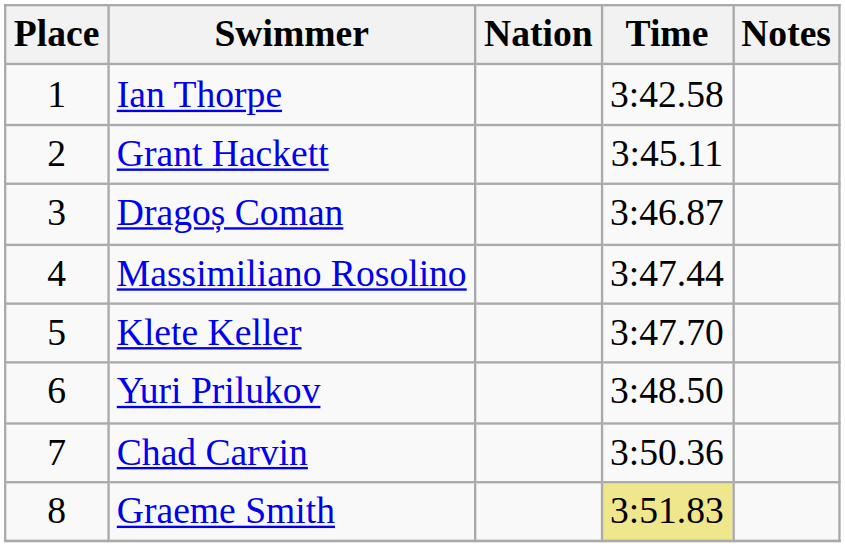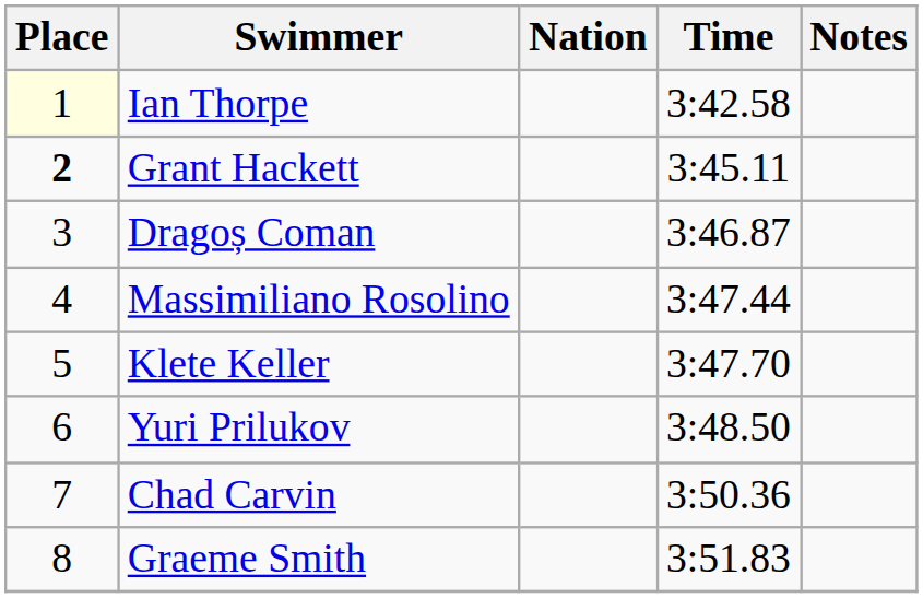 <table class="wikitable sortable" style="text-align:center">
 <tr>
 <th>Place</th>
 <th>Swimmer</th>
 <th>Nation</th>
 <th>Time</th>
 <th>Notes</th>
 </tr>
 <tr>
-<td>1</td>
+<td style="background: lightyellow;">1</td>
 <td align=left><a href='#'>Ian Thorpe</a></td>
 <td align=left></td>
 <td>3:42.58</td>
 <td></td>
 </tr>
 <tr>
-<td>2</td>
+<td><strong>2</strong></td>
 <td align=left><a href='#'>Grant Hackett</a></td>
 <td align=left></td>
 <td>3:45.11</td>
 <td></td>
 </tr>
 <tr>
 <td>3</td>
 <td align=left><a href='#'>Dragoș Coman</a></td>
 <td align=left></td>
 <td>3:46.87</td>
 <td></td>
 </tr>
 <tr>
 <td>4</td>
 <td align=left><a href='#'>Massimiliano Rosolino</a></td>
 <td align=left></td>
 <td>3:47.44</td>
 <td></td>
 </tr>
 <tr>
 <td>5</td>
 <td align=left><a href='#'>Klete Keller</a></td>
 <td align=left></td>
 <td>3:47.70</td>
 <td></td>
 </tr>
 <tr>
 <td>6</td>
 <td align=left><a href='#'>Yuri Prilukov</a></td>
 <td align=left></td>
 <td>3:48.50</td>
 <td></td>
 </tr>
 <tr>
 <td>7</td>
 <td align=left><a href='#'>Chad Carvin</a></td>
 <td align=left></td>
 <td>3:50.36</td>
 <td></td>
 </tr>
 <tr>
 <td>8</td>
 <td align=left><a href='#'>Graeme Smith</a></td>
 <td align=left></td>
-<td style="background: khaki;">3:51.83</td>
+<td>3:51.83</td>
 <td></td>
 </tr>
 <tr>
 </tr>
 </table>
